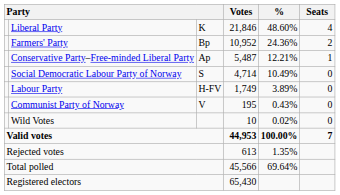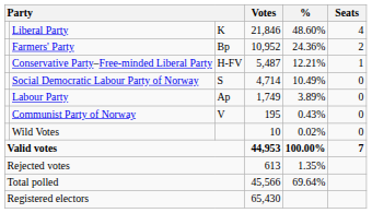 <table class="wikitable" border="1" style="text-align:right;">
 <tr>
 <th style="text-align:left;" colspan=3>Party</th>
 <th align=center width="50">Votes</th>
 <th align=center width="50">%</th>
 <th align=center width="50">Seats</th>
 </tr>
 <tr>
 <td style="color:inherit;background:"></td>
 <td align=left><a href='#'>Liberal Party</a></td>
 <td align=left>K</td>
 <td>21,846</td>
 <td>48.60%</td>
 <td>4</td>
 </tr>
 <tr>
 <td style="color:inherit;background:"></td>
 <td align=left><a href='#'>Farmers' Party</a></td>
 <td align=left>Bp</td>
 <td>10,952</td>
 <td>24.36%</td>
 <td>2</td>
 </tr>
 <tr>
 <td></td>
 <td align=left><a href='#'>Conservative Party</a>–<a href='#'>Free-minded Liberal Party</a></td>
-<td align=left>Ap</td>
+<td align=left>H-FV</td>
 <td>5,487</td>
 <td>12.21%</td>
 <td>1</td>
 </tr>
 <tr>
 <td style="color:inherit;background:"></td>
 <td align=left><a href='#'>Social Democratic Labour Party of Norway</a></td>
 <td align=left>S</td>
 <td>4,714</td>
 <td>10.49%</td>
 <td>0</td>
 </tr>
 <tr>
 <td style="color:inherit;background:"></td>
 <td align=left><a href='#'>Labour Party</a></td>
-<td align=left>H-FV</td>
+<td align=left>Ap</td>
 <td>1,749</td>
 <td>3.89%</td>
 <td>0</td>
 </tr>
 <tr>
 <td style="color:inherit;background:"></td>
 <td align=left><a href='#'>Communist Party of Norway</a></td>
 <td align=left>V</td>
 <td>195</td>
 <td>0.43%</td>
 <td>0</td>
 </tr>
 <tr>
 <td></td>
 <td align=left>Wild Votes</td>
 <td align=left></td>
 <td>10</td>
 <td>0.02%</td>
 <td>0</td>
 </tr>
 <tr style="font-weight:bold">
 <td align=left colspan=3>Valid votes</td>
 <td>44,953</td>
 <td>100.00%</td>
 <td>7</td>
 </tr>
 <tr>
 <td align=left colspan=3>Rejected votes</td>
 <td>613</td>
 <td>1.35%</td>
 <td></td>
 </tr>
 <tr>
 <td align=left colspan=3>Total polled</td>
 <td>45,566</td>
 <td>69.64%</td>
 <td></td>
 </tr>
 <tr>
 <td align=left colspan=3>Registered electors</td>
 <td>65,430</td>
 <td></td>
 <td></td>
 </tr>
 </table>
